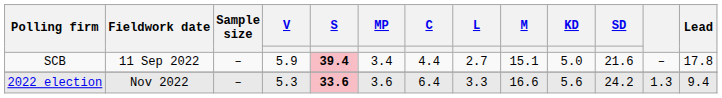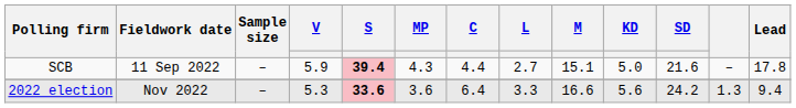 <table class="wikitable sortable" style="text-align:center;font-size:90%;line-height:14px;">
 <tr style="height:40px;">
 <th rowspan="2">Polling firm</th>
 <th rowspan="2">Fieldwork date</th>
 <th rowspan="2">Sample<br>size</th>
 <th class="sortable" style="width:40px;"><a href='#'>V</a></th>
 <th class="sortable" style="width:40px;"><a href='#'>S</a></th>
 <th class="sortable" style="width:40px;"><a href='#'>MP</a></th>
 <th class="sortable" style="width:40px;"><a href='#'>C</a></th>
 <th class="sortable" style="width:40px;"><a href='#'>L</a></th>
 <th class="sortable" style="width:40px;"><a href='#'>M</a></th>
 <th class="sortable" style="width:40px;"><a href='#'>KD</a></th>
 <th class="sortable" style="width:40px;"><a href='#'>SD</a></th>
 <th class="sortable" style="width:30px;" rowspan="2"></th>
 <th style="width:30px;" rowspan="2">Lead</th>
 </tr>
 <tr>
 <th style="background:"></th>
 <th style="background:"></th>
 <th style="background:"></th>
 <th style="background:"></th>
 <th style="background:"></th>
 <th style="background:"></th>
 <th style="background:"></th>
 <th style="background:"></th>
 </tr>
 <tr>
 <td>SCB</td>
 <td data-sort-value="2018-09-09">11 Sep 2022</td>
 <td>–</td>
 <td>5.9</td>
 <td style="background:#F9BDC5;"><strong>39.4</strong></td>
-<td>3.4</td>
+<td>4.3</td>
 <td>4.4</td>
 <td>2.7</td>
 <td>15.1</td>
 <td>5.0</td>
 <td>21.6</td>
 <td>–</td>
 <td style="background:">17.8</td>
 </tr>
 <tr>
 </tr>
 <tr style="background:#E9E9E9;">
 <td><a href='#'>2022 election</a></td>
 <td>Nov 2022</td>
 <td>–</td>
 <td>5.3</td>
 <td style="background:#F9BDC5;"><strong>33.6</strong></td>
 <td>3.6</td>
 <td>6.4</td>
 <td>3.3</td>
 <td>16.6</td>
 <td>5.6</td>
 <td>24.2</td>
 <td>1.3</td>
 <td style="background:">9.4</td>
 </tr>
 </table>
